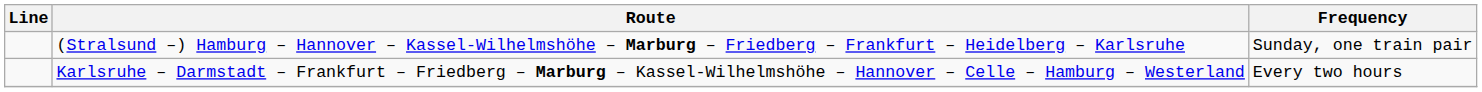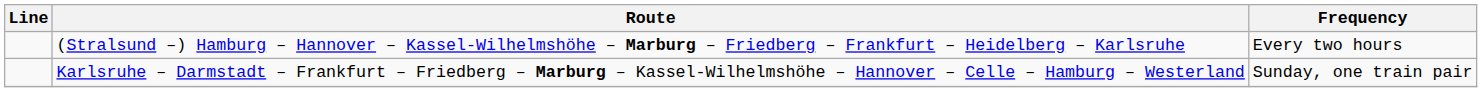 <table class="wikitable">
 <tr class="hintergrundfarbe5">
 <th>Line</th>
 <th>Route</th>
 <th>Frequency</th>
 </tr>
 <tr>
 <td></td>
 <td>(<a href='#'>Stralsund</a> –) <a href='#'>Hamburg</a> – <a href='#'>Hannover</a> – <a href='#'>Kassel-Wilhelmshöhe</a> –  <strong>Marburg</strong> – <a href='#'>Friedberg</a> – <a href='#'>Frankfurt</a> – <a href='#'>Heidelberg</a> – <a href='#'>Karlsruhe</a></td>
-<td>Sunday, one train pair</td>
+<td>Every two hours</td>
 </tr>
 <tr>
 <td></td>
 <td><a href='#'>Karlsruhe</a> – <a href='#'>Darmstadt</a> – Frankfurt – Friedberg – <strong>Marburg</strong> – Kassel-Wilhelmshöhe – <a href='#'>Hannover</a> – <a href='#'>Celle</a> – <a href='#'>Hamburg</a> – <a href='#'>Westerland</a></td>
-<td>Every two hours</td>
+<td>Sunday, one train pair</td>
 </tr>
 <tr>
 </tr>
 </table>
